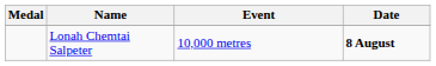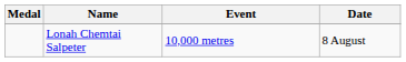 <table class="wikitable sortable" style="font-size:100%">
 <tr>
 <th>Medal</th>
 <th width="150">Name</th>
 <th width="200">Event</th>
 <th width="100">Date</th>
 </tr>
 <tr>
 </tr>
 <tr>
 <td></td>
 <td><a href='#'>Lonah Chemtai Salpeter</a></td>
 <td><a href='#'>10,000 metres</a></td>
-<td><strong>8 August</strong></td>
+<td>8 August</td>
 </tr>
 </table>
